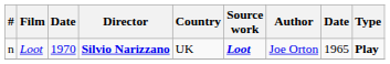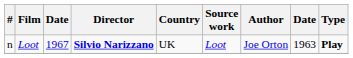 <table class="wikitable">
 <tr>
 <th>#</th>
 <th>Film</th>
 <th>Date</th>
 <th>Director</th>
 <th>Country</th>
 <th>Source<br>work</th>
 <th>Author</th>
 <th>Date</th>
 <th>Type</th>
 </tr>
 <tr>
 <td>n</td>
 <td><em><a href='#'>Loot</a></em></td>
-<td><a href='#'>1970</a></td>
+<td><a href='#'>1967</a></td>
 <td><strong><a href='#'>Silvio Narizzano</a></strong></td>
 <td>UK</td>
-<td><strong><em><a href='#'>Loot</a></em></strong></td>
+<td><em><a href='#'>Loot</a></em></td>
 <td><a href='#'>Joe Orton</a></td>
-<td>1965</td>
+<td>1963</td>
 <td><strong>Play</strong></td>
 </tr>
 <tr>
 </tr>
 </table>
